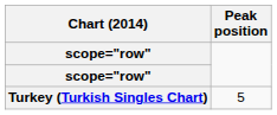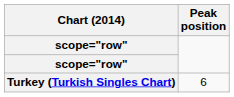 <table class="wikitable plainrowheaders">
 <tr>
 <th>Chart (2014)</th>
 <th>Peak<br>position</th>
 </tr>
 <tr>
 <th>scope="row" </th>
 </tr>
 <tr>
 <th>scope="row" </th>
 </tr>
 <tr>
 <th scope="row">Turkey (<a href='#'>Turkish Singles Chart</a>)</th>
-<td align=center>5</td>
+<td align=center>6</td>
 </tr>
 </table>
